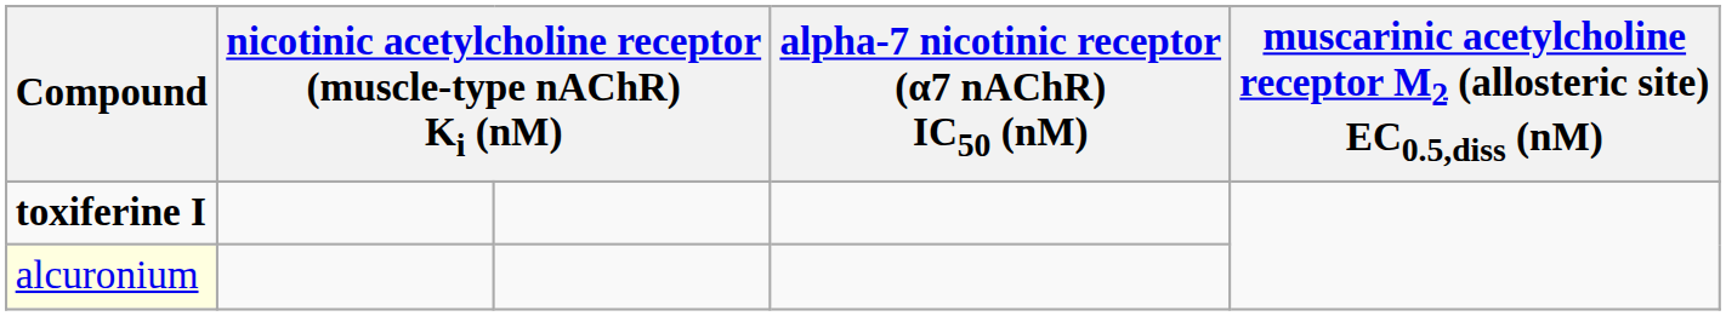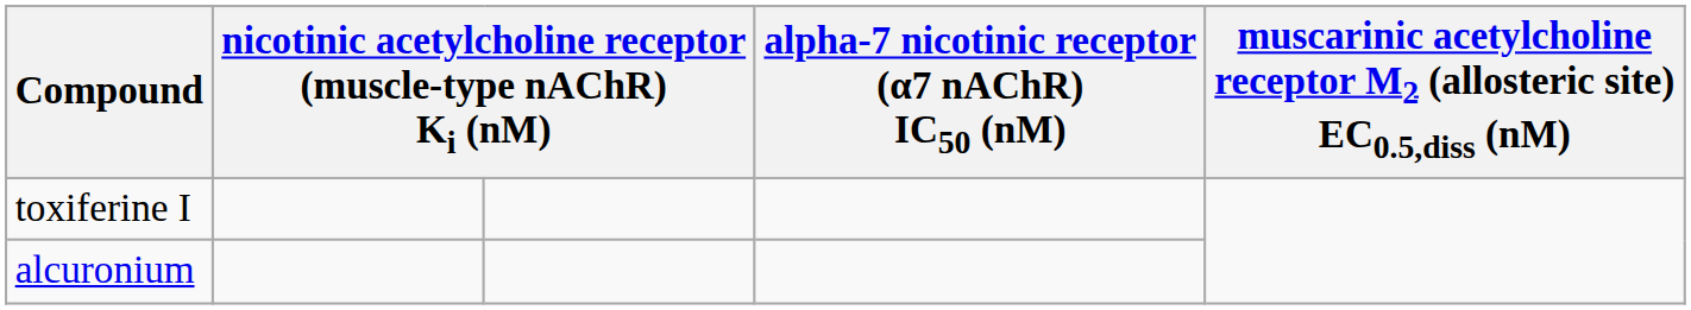 <table class="wikitable">
 <tr>
 <th>Compound</th>
 <th colspan=2><a href='#'>nicotinic acetylcholine receptor</a><br>(muscle-type nAChR)<br>K<sub>i</sub> (nM)</th>
 <th colspan=2><a href='#'>alpha-7 nicotinic receptor</a><br>(α7 nAChR)<br>IC<sub>50</sub> (nM)</th>
 <th colspan=2><a href='#'>muscarinic acetylcholine<br>receptor M<sub>2</sub></a> (allosteric site)<br>EC<sub>0.5,diss</sub> (nM)</th>
 </tr>
 <tr>
-<td><strong>toxiferine I</strong></td>
+<td>toxiferine I</td>
 <td></td>
 <td></td>
 <td></td>
 </tr>
 <tr>
-<td style="background: lightyellow;"><a href='#'>alcuronium</a></td>
+<td><a href='#'>alcuronium</a></td>
 <td></td>
 <td></td>
 <td></td>
 </tr>
 </table>
